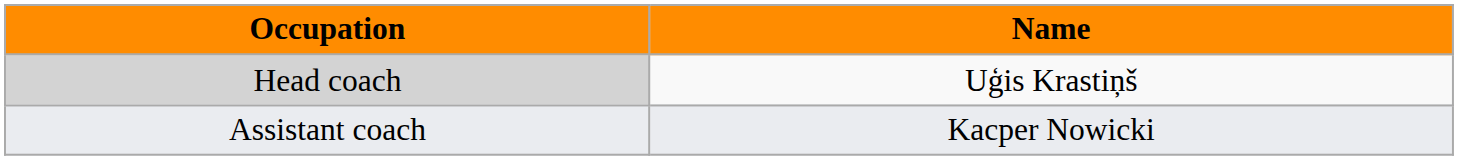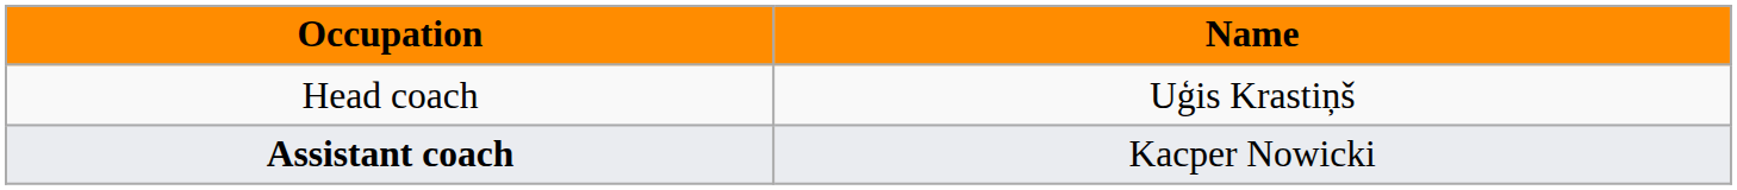 <table class="wikitable" style="font-size:100%; text-align:center">
 <tr>
 <th style="color:#000000; background-color:#FF8C00; width:20em">Occupation</th>
 <th colspan="2" style="color:#000000; background-color:#FF8C00; width:25em">Name</th>
 </tr>
 <tr>
-<td style="background: lightgrey;">Head coach</td>
+<td>Head coach</td>
 <td colspan="2"> Uģis Krastiņš</td>
 </tr>
 <tr style="background:#EAECF0">
-<td>Assistant coach</td>
+<td><strong>Assistant coach</strong></td>
 <td colspan="2"> Kacper Nowicki</td>
 </tr>
 </table>
